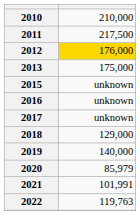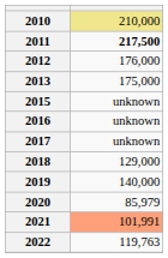 <table class="wikitable" style="text-align: right; width:200px;" align="center">
 <tr>
 <th style="width:75px"></th>
 <th></th>
 </tr>
 <tr>
 <th>2010</th>
-<td>210,000</td>
+<td style="background: khaki;">210,000</td>
 </tr>
 <tr>
 <th>2011</th>
-<td> 217,500</td>
+<td><strong> 217,500</strong></td>
 </tr>
 <tr>
 <th>2012</th>
-<td style="background: gold;"> 176,000</td>
+<td> 176,000</td>
 </tr>
 <tr>
 <th>2013</th>
 <td> 175,000</td>
 </tr>
 <tr>
 <th>2015</th>
 <td>unknown</td>
 </tr>
 <tr>
 <th>2016</th>
 <td>unknown</td>
 </tr>
 <tr>
 <th>2017</th>
 <td>unknown</td>
 </tr>
 <tr>
 <th>2018</th>
 <td> 129,000</td>
 </tr>
 <tr>
 <th>2019</th>
 <td> 140,000</td>
 </tr>
 <tr>
 <th>2020</th>
 <td> 85,979</td>
 </tr>
 <tr>
 <th>2021</th>
-<td> 101,991</td>
+<td style="background: lightsalmon;"> 101,991</td>
 </tr>
 <tr>
 <th>2022</th>
 <td> 119,763</td>
 </tr>
 <tr>
 </tr>
 </table>
